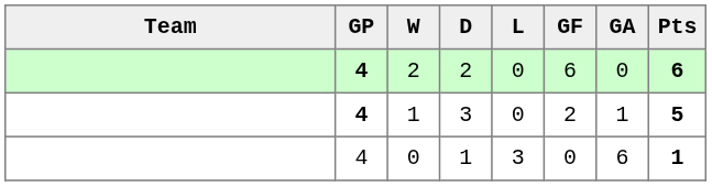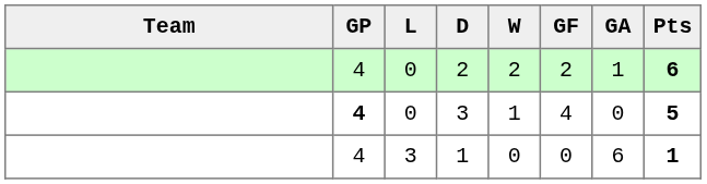 <table style=border-collapse:collapse border=1 cellspacing=0 cellpadding=5>
 <tr align=center bgcolor=#efefef>
 <th width=185>Team</th>
 <th width=20>GP</th>
+<th width=20>L</th>
+<th width=20>D</th>
 <th width=20>W</th>
-<th width=20>D</th>
-<th width=20>L</th>
 <th width=20>GF</th>
 <th width=20>GA</th>
 <th width=20>Pts</th>
 </tr>
 <tr bgcolor=#ccffcc align=center>
 <td style="text-align:left;"></td>
-<td><strong>4</strong></td>
+<td>4</td>
+<td>0</td>
 <td>2</td>
 <td>2</td>
-<td>0</td>
-<td>6</td>
-<td>0</td>
+<td>2</td>
+<td>1</td>
 <td><strong>6</strong></td>
 </tr>
 <tr align=center>
 <td style="text-align:left;"></td>
 <td><strong>4</strong></td>
+<td>0</td>
+<td>3</td>
 <td>1</td>
-<td>3</td>
+<td>4</td>
 <td>0</td>
-<td>2</td>
-<td>1</td>
 <td><strong>5</strong></td>
 </tr>
 <tr align=center>
 <td style="text-align:left;"></td>
 <td>4</td>
+<td>3</td>
+<td>1</td>
 <td>0</td>
-<td>1</td>
-<td>3</td>
 <td>0</td>
 <td>6</td>
 <td><strong>1</strong></td>
 </tr>
 </table>
